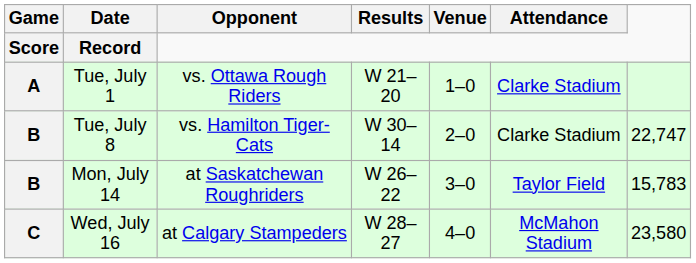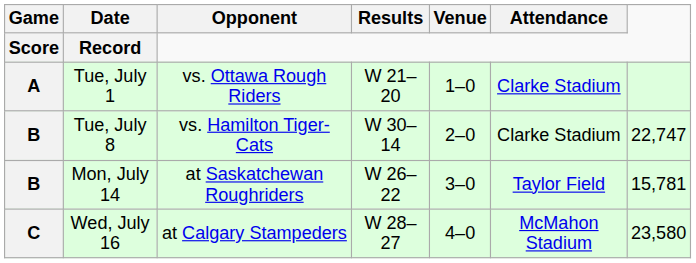 <table class="wikitable" style="text-align:center">
 <tr>
 <th>Game</th>
 <th>Date</th>
 <th>Opponent</th>
 <th>Results</th>
 <th>Venue</th>
 <th>Attendance</th>
 </tr>
 <tr>
 <th>Score</th>
 <th>Record</th>
 </tr>
 <tr style="background:#ddffdd">
 <th>A</th>
 <td>Tue, July 1</td>
 <td>vs. <a href='#'>Ottawa Rough Riders</a></td>
 <td>W 21–20</td>
 <td>1–0</td>
 <td><a href='#'>Clarke Stadium</a></td>
 <td></td>
 </tr>
 <tr style="background:#ddffdd">
 <th>B</th>
 <td>Tue, July 8</td>
 <td>vs. <a href='#'>Hamilton Tiger-Cats</a></td>
 <td>W 30–14</td>
 <td>2–0</td>
 <td>Clarke Stadium</td>
 <td>22,747</td>
 </tr>
 <tr style="background:#ddffdd">
 <th>B</th>
 <td>Mon, July 14</td>
 <td>at <a href='#'>Saskatchewan Roughriders</a></td>
 <td>W 26–22</td>
 <td>3–0</td>
 <td><a href='#'>Taylor Field</a></td>
-<td>15,783</td>
+<td>15,781</td>
 </tr>
 <tr style="background:#ddffdd">
 <th>C</th>
 <td>Wed, July 16</td>
 <td>at <a href='#'>Calgary Stampeders</a></td>
 <td>W 28–27</td>
 <td>4–0</td>
 <td><a href='#'>McMahon Stadium</a></td>
 <td>23,580</td>
 </tr>
 </table>
